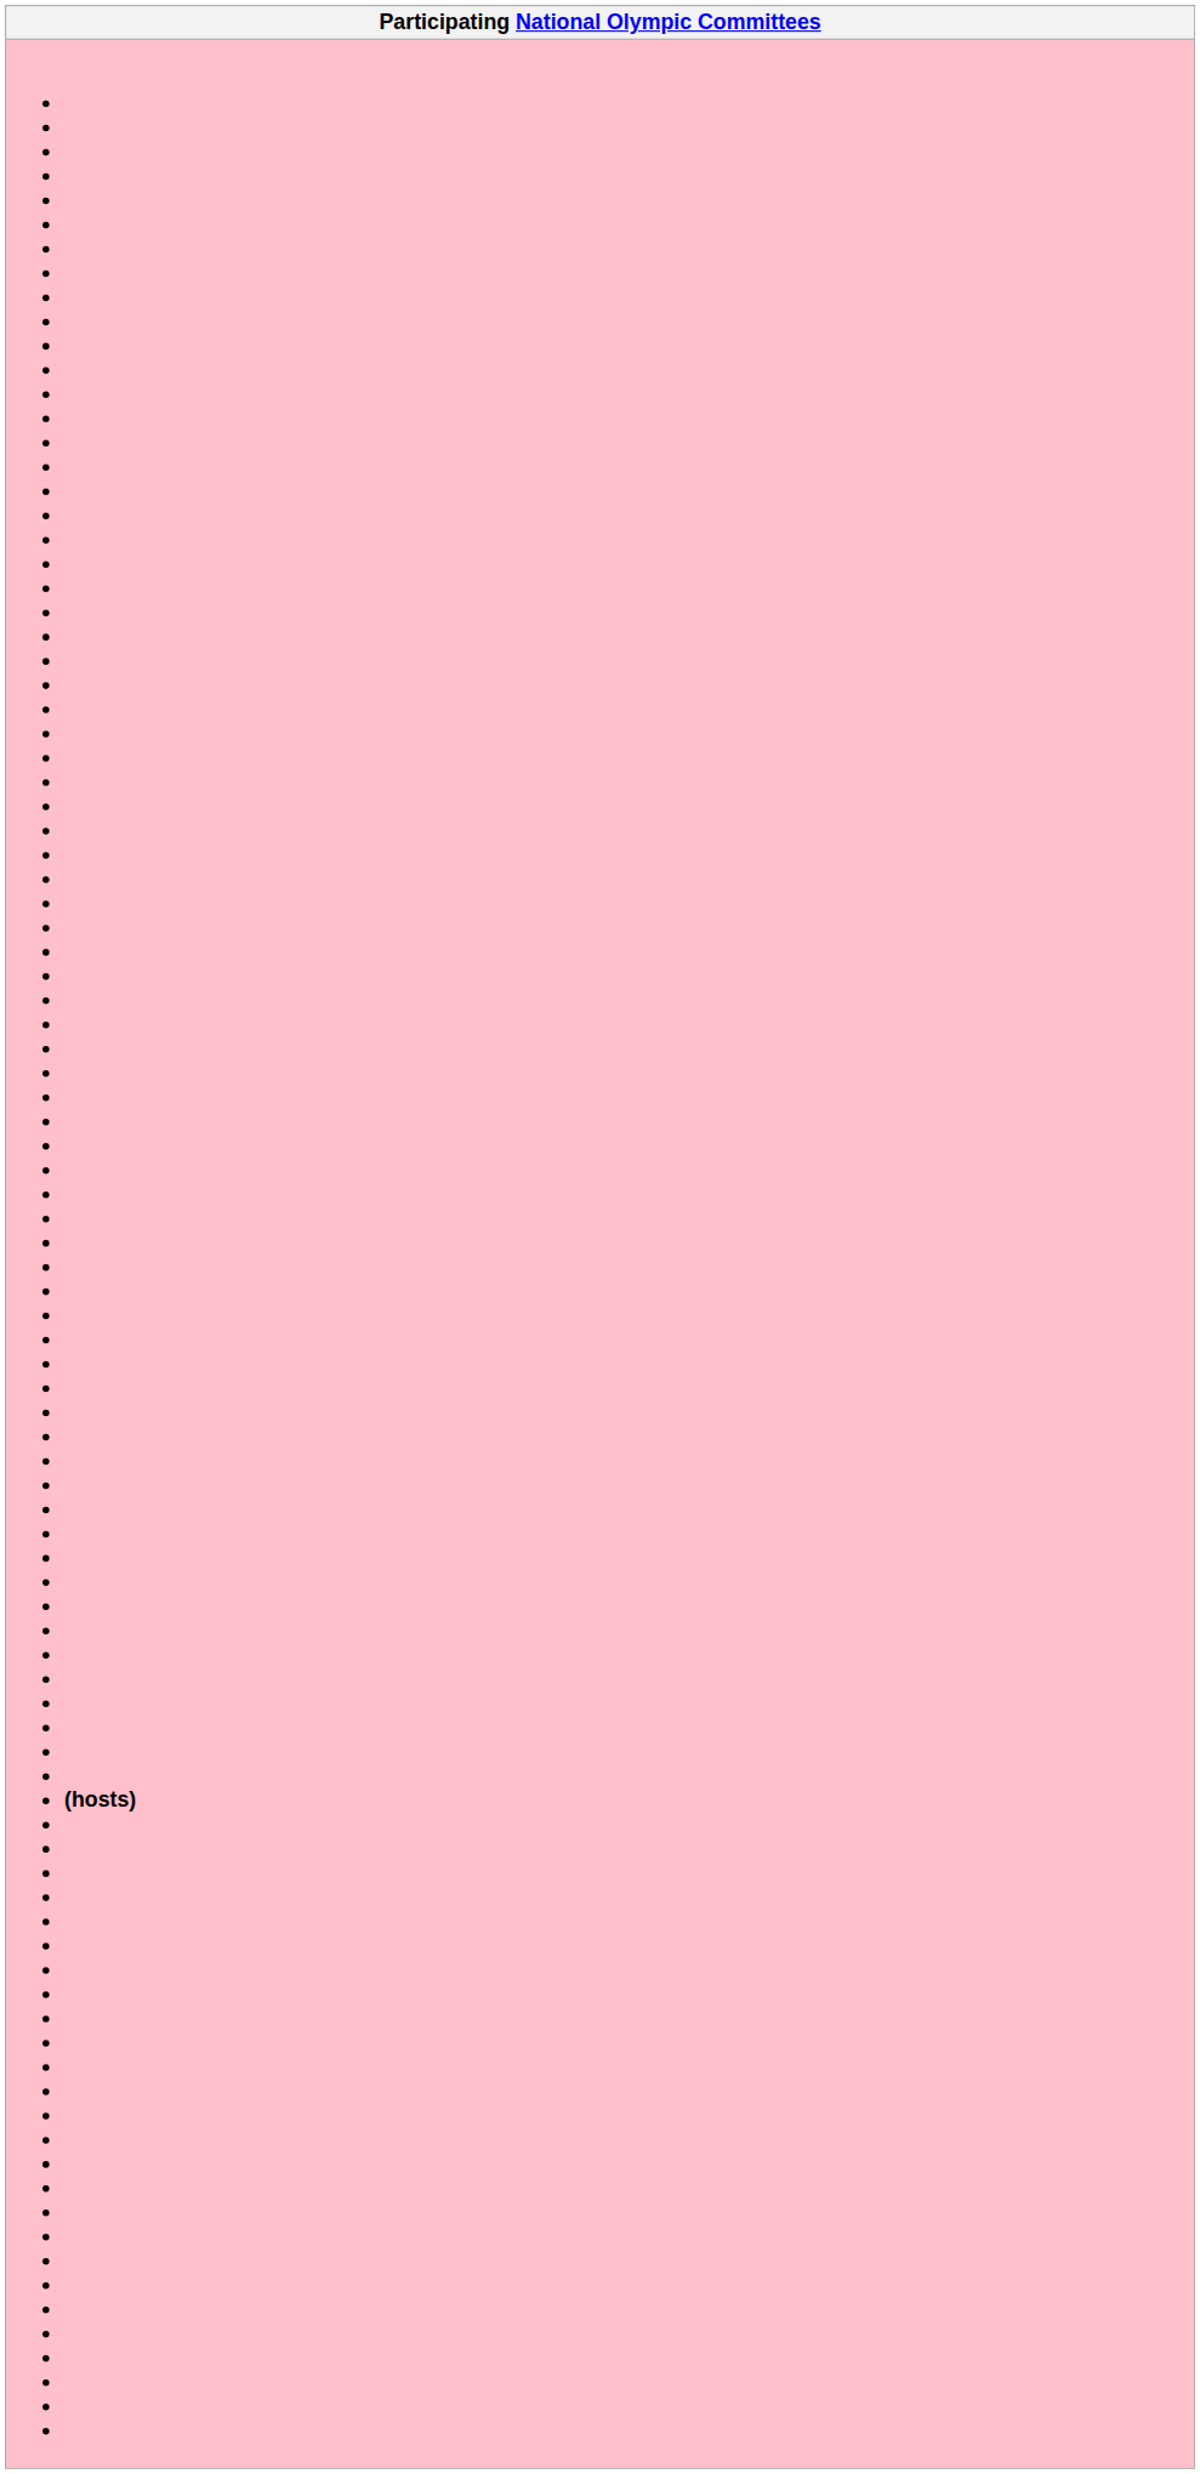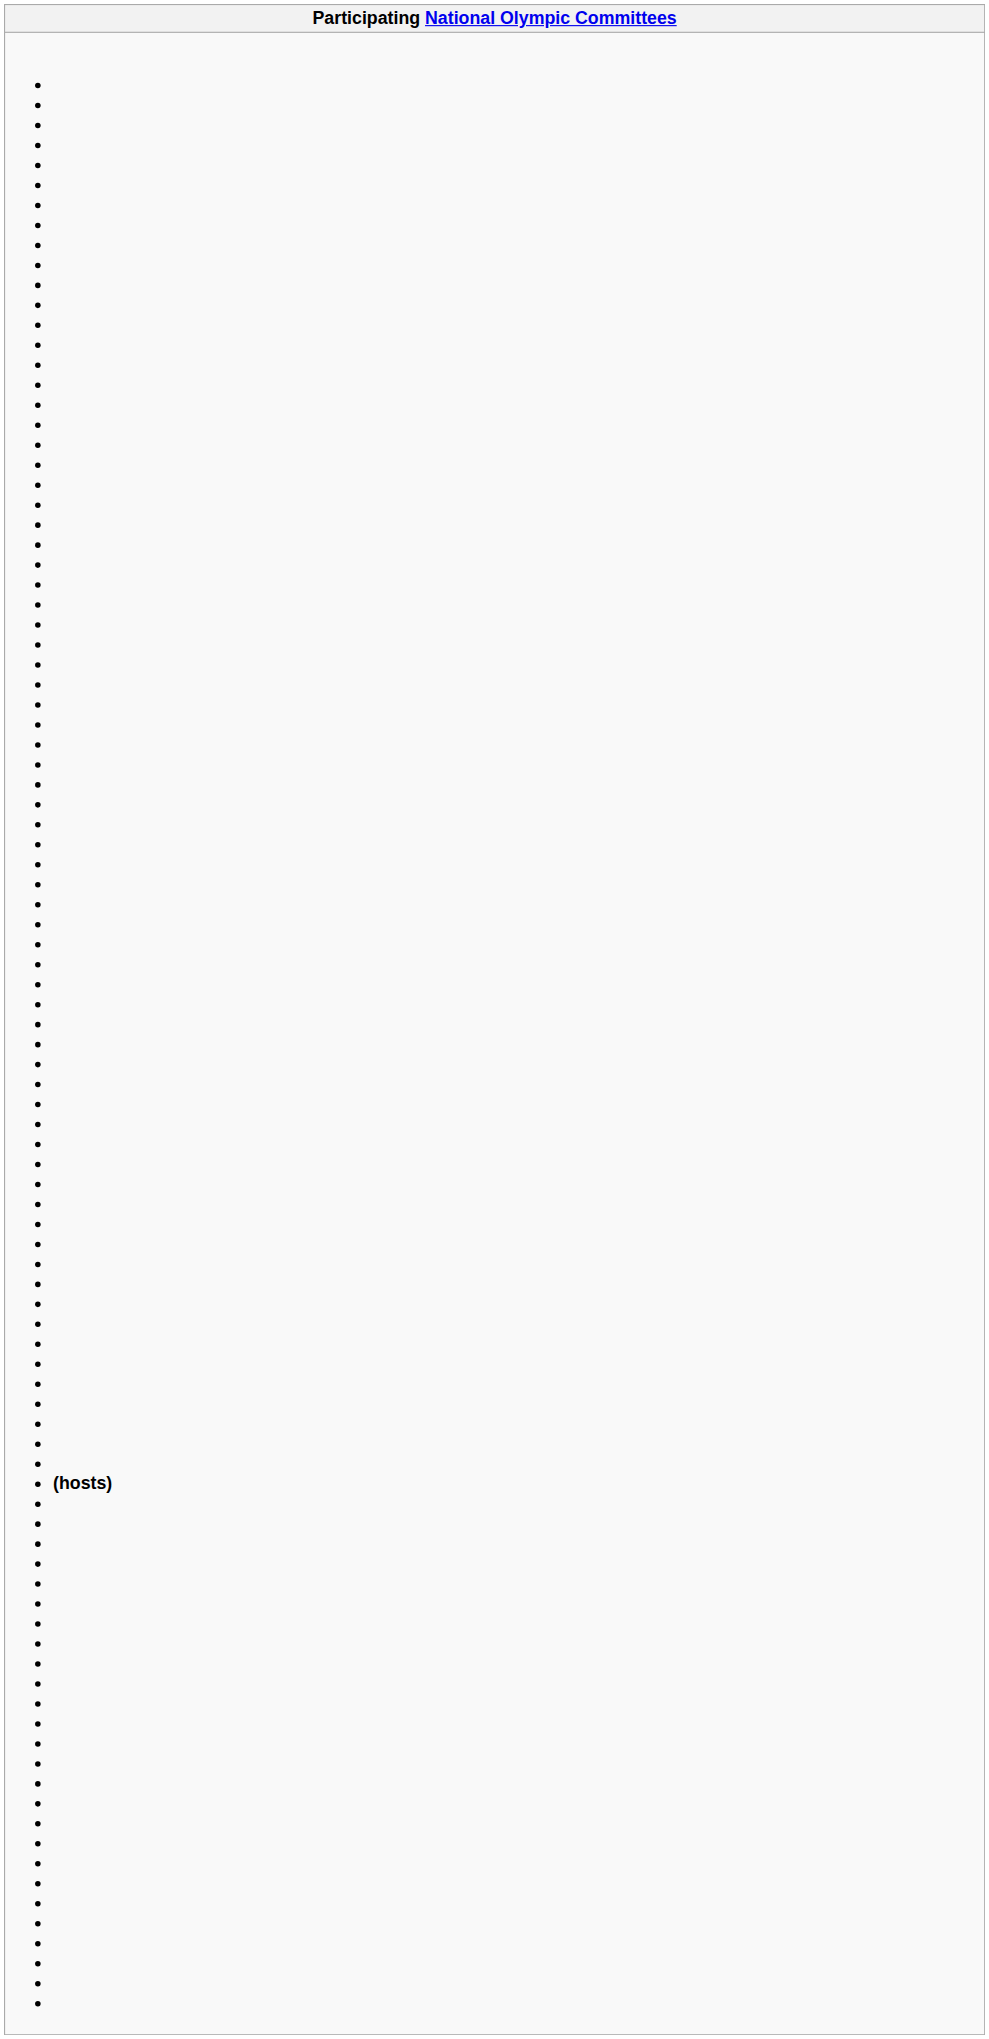 <table class="wikitable collapsible" style="width:100%;">
 <tr>
 <th>Participating <a href='#'>National Olympic Committees</a></th>
 </tr>
 <tr>
-<td style="background: pink;"><br><ul><li></li><li></li><li></li><li></li><li></li><li></li><li></li><li></li><li></li><li></li><li></li><li></li><li></li><li></li><li></li><li></li><li></li><li></li><li></li><li></li><li></li><li></li><li></li><li></li><li></li><li></li><li></li><li></li><li></li><li></li><li></li><li></li><li></li><li></li><li></li><li></li><li></li><li></li><li></li><li></li><li></li><li></li><li></li><li></li><li></li><li></li><li></li><li></li><li></li><li></li><li></li><li></li><li></li><li></li><li></li><li></li><li></li><li></li><li></li><li></li><li></li><li></li><li></li><li></li><li></li><li></li><li></li><li></li><li></li><li></li><li> <strong>(hosts)</strong></li><li></li><li></li><li></li><li></li><li></li><li></li><li></li><li></li><li></li><li></li><li></li><li></li><li></li><li></li><li></li><li></li><li></li><li></li><li></li><li></li><li></li><li></li><li></li><li></li><li></li><li></li></ul></td>
+<td><br><ul><li></li><li></li><li></li><li></li><li></li><li></li><li></li><li></li><li></li><li></li><li></li><li></li><li></li><li></li><li></li><li></li><li></li><li></li><li></li><li></li><li></li><li></li><li></li><li></li><li></li><li></li><li></li><li></li><li></li><li></li><li></li><li></li><li></li><li></li><li></li><li></li><li></li><li></li><li></li><li></li><li></li><li></li><li></li><li></li><li></li><li></li><li></li><li></li><li></li><li></li><li></li><li></li><li></li><li></li><li></li><li></li><li></li><li></li><li></li><li></li><li></li><li></li><li></li><li></li><li></li><li></li><li></li><li></li><li></li><li></li><li> <strong>(hosts)</strong></li><li></li><li></li><li></li><li></li><li></li><li></li><li></li><li></li><li></li><li></li><li></li><li></li><li></li><li></li><li></li><li></li><li></li><li></li><li></li><li></li><li></li><li></li><li></li><li></li><li></li><li></li></ul></td>
 </tr>
 </table>
